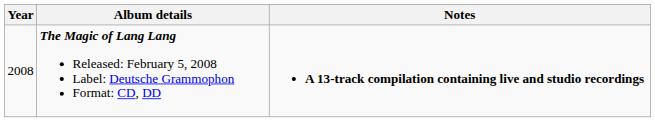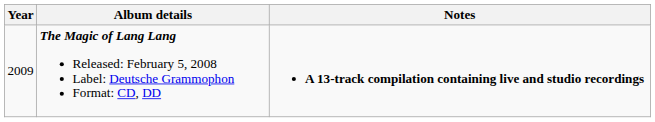 <table class="wikitable sortable" border="1">
 <tr>
 <th width="5%">Year</th>
 <th width="36%">Album details</th>
 <th width="59%" class="unsortable">Notes</th>
 </tr>
 <tr>
-<td>2008</td>
+<td>2009</td>
 <td><strong><em>The Magic of Lang Lang</em></strong><br><ul><li>Released: February 5, 2008</li><li>Label: <a href='#'>Deutsche Grammophon</a></li><li>Format: <a href='#'>CD</a>, <a href='#'>DD</a></li></ul></td>
 <td><strong><br><ul><li>A 13-track compilation containing live and studio recordings</li></ul></strong></td>
 </tr>
 </table>
